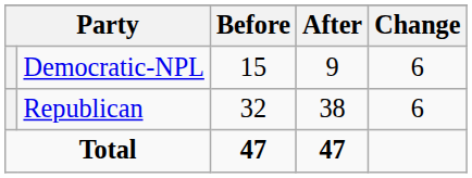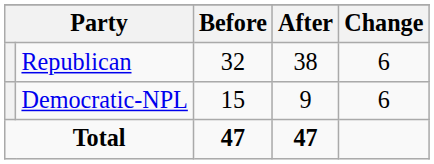 <table class="wikitable" style="text-align:center;">
 <tr>
 </tr>
 <tr>
 <th colspan=2>Party</th>
 <th>Before</th>
 <th>After</th>
 <th>Change</th>
 </tr>
 <tr>
 <th style="background-color:"></th>
-<td style="text-align:left;"><a href='#'>Democratic-NPL</a></td>
-<td>15</td>
-<td>9</td>
+<td style="text-align:left;"><a href='#'>Republican</a></td>
+<td>32</td>
+<td>38</td>
 <td> 6</td>
 </tr>
 <tr>
 <th style="background-color:"></th>
-<td style="text-align:left;"><a href='#'>Republican</a></td>
-<td>32</td>
-<td>38</td>
+<td style="text-align:left;"><a href='#'>Democratic-NPL</a></td>
+<td>15</td>
+<td>9</td>
 <td> 6</td>
 </tr>
 <tr>
 <td colspan=2><strong>Total</strong></td>
 <td><strong>47</strong></td>
 <td><strong>47</strong></td>
 <td></td>
 </tr>
 </table>
